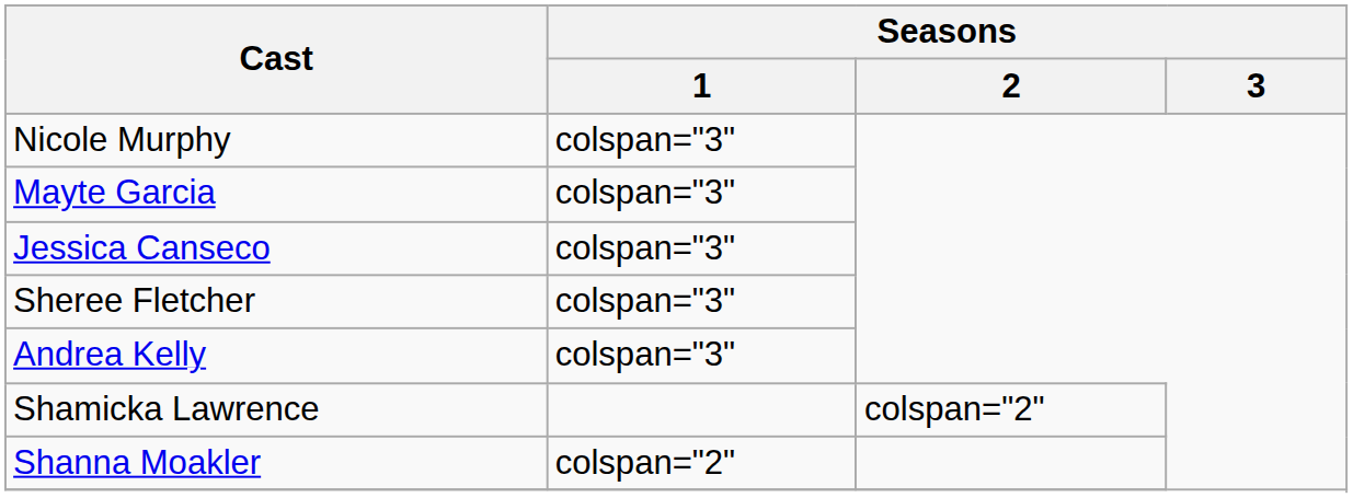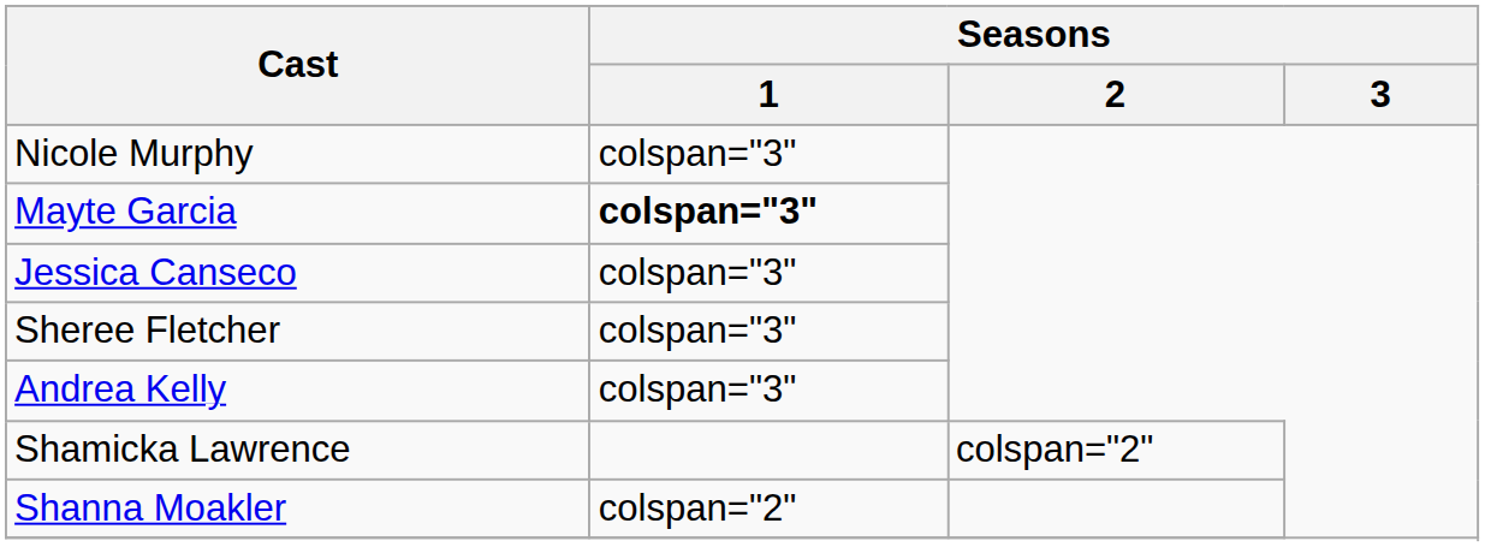 <table class="wikitable plainrowheaders" style="width:50%;">
 <tr>
 <th scope="col" rowspan="2" width="15%">Cast</th>
 <th scope="col" colspan="3">Seasons</th>
 </tr>
 <tr>
 <th style="width:5%;">1</th>
 <th style="width:5%;">2</th>
 <th style="width:5%;">3</th>
 </tr>
 <tr>
 <td>Nicole Murphy</td>
 <td>colspan="3" </td>
 </tr>
 <tr>
 <td><a href='#'>Mayte Garcia</a></td>
-<td>colspan="3" </td>
+<td><strong>colspan="3" </strong></td>
 </tr>
 <tr>
 <td><a href='#'>Jessica Canseco</a></td>
 <td>colspan="3" </td>
 </tr>
 <tr>
 <td>Sheree Fletcher</td>
 <td>colspan="3" </td>
 </tr>
 <tr>
 <td><a href='#'>Andrea Kelly</a></td>
 <td>colspan="3" </td>
 </tr>
 <tr>
 <td>Shamicka Lawrence</td>
 <td></td>
 <td>colspan="2" </td>
 </tr>
 <tr>
 <td><a href='#'>Shanna Moakler</a></td>
 <td>colspan="2" </td>
 <td></td>
 </tr>
 <tr>
 </tr>
 </table>
